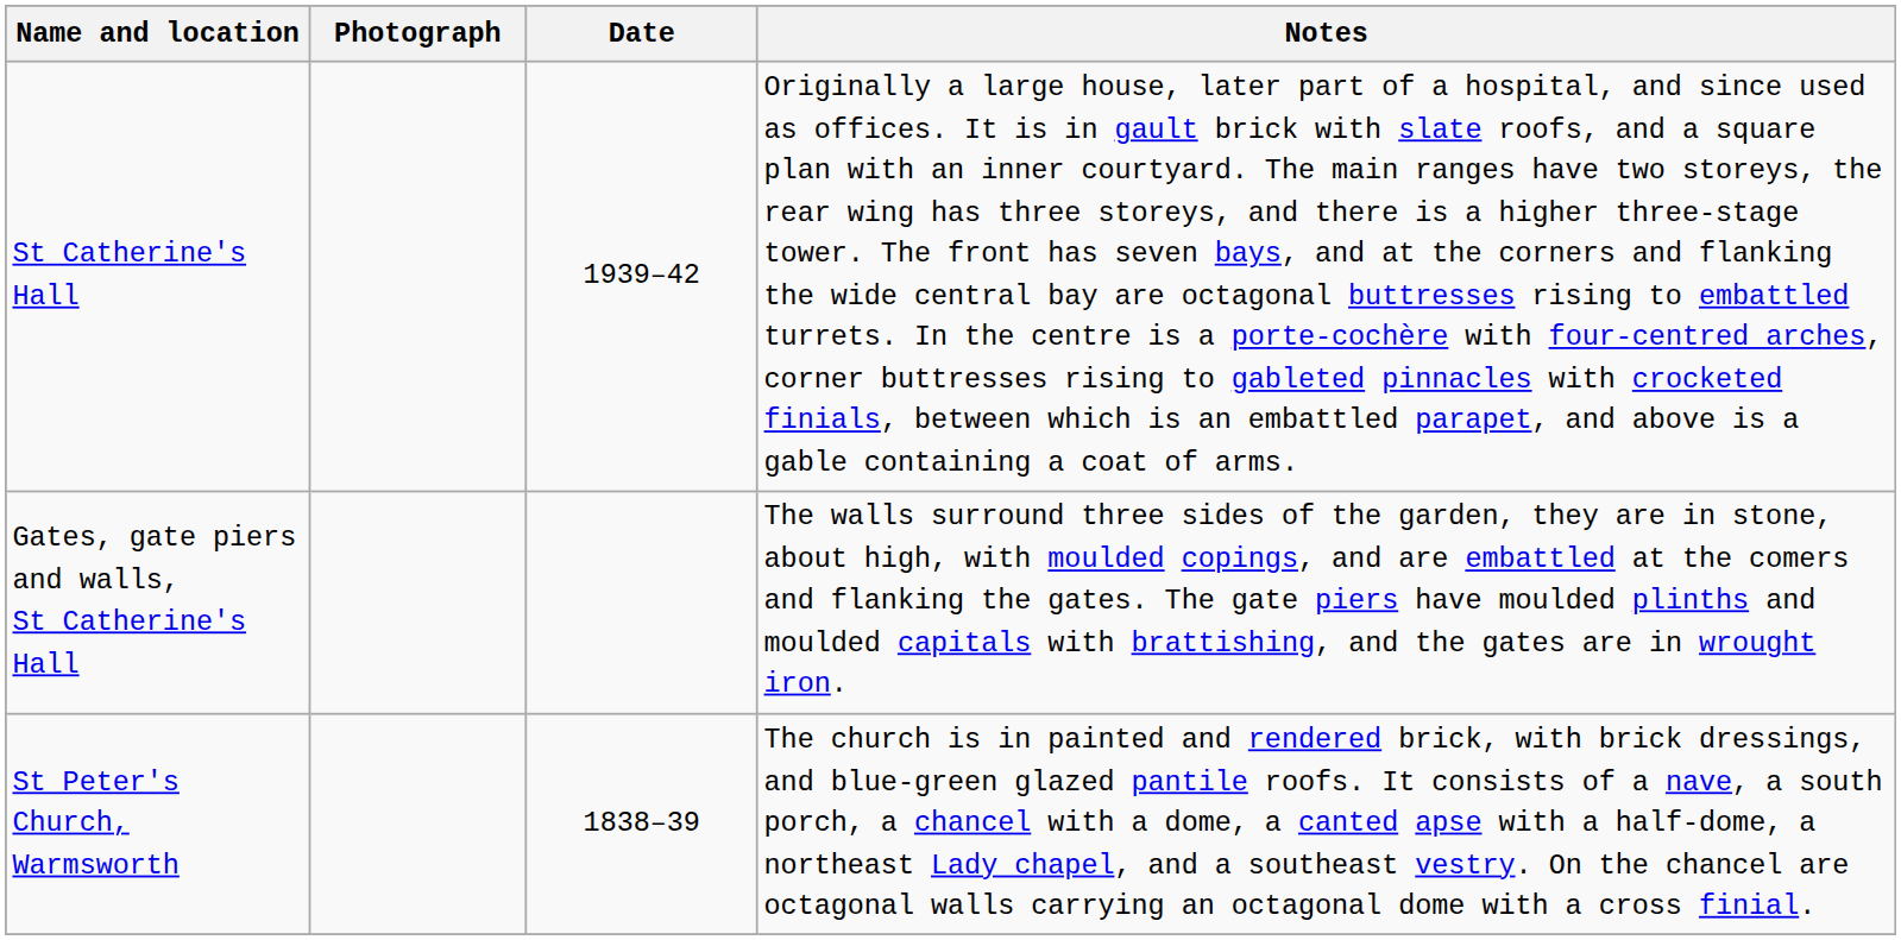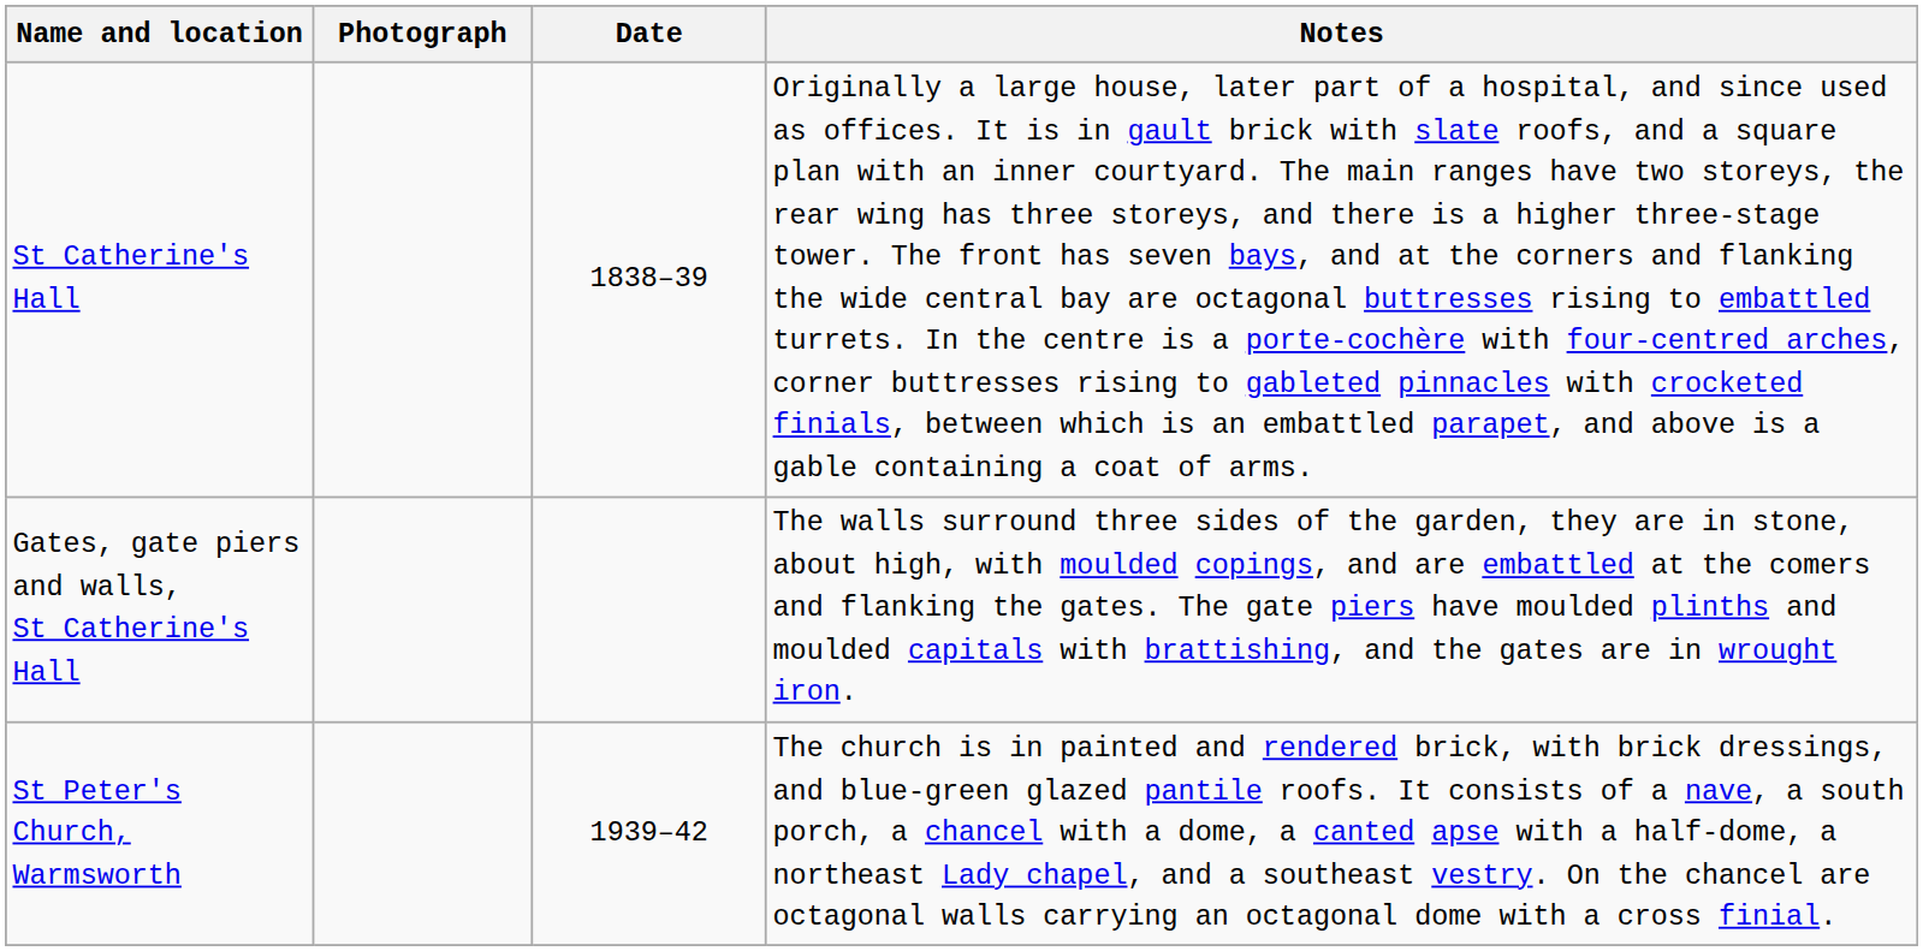 <table class="wikitable sortable plainrowheaders" style="width:100%;border:0px;text-align:left;line-height:150%;">
 <tr>
 <th scope="col"  style="width:150px">Name and location</th>
 <th scope="col"  style="width:100px" class="unsortable">Photograph</th>
 <th scope="col"  style="width:120px">Date</th>
 <th scope="col"  style="width:650px" class="unsortable">Notes</th>
 </tr>
 <tr>
 <td><a href='#'>St Catherine's Hall</a><br><small></small></td>
 <td></td>
-<td align="center">1939–42</td>
+<td align="center">1838–39</td>
 <td>Originally a large house, later part of a hospital, and since used as offices.  It is in <a href='#'>gault</a> brick with <a href='#'>slate</a> roofs, and a square plan with an inner courtyard.  The main ranges have two storeys, the rear wing has three storeys, and there is a higher three-stage tower.  The front has seven <a href='#'>bays</a>, and at the corners and flanking the wide central bay are octagonal <a href='#'>buttresses</a> rising to <a href='#'>embattled</a> turrets.  In the centre is a <a href='#'>porte-cochère</a> with <a href='#'>four-centred arches</a>, corner buttresses rising to <a href='#'>gableted</a> <a href='#'>pinnacles</a> with <a href='#'>crocketed</a> <a href='#'>finials</a>, between which is an embattled <a href='#'>parapet</a>, and above is a gable containing a coat of arms.</td>
 </tr>
 <tr>
 <td>Gates, gate piers and walls,<br><a href='#'>St Catherine's Hall</a><br><small></small></td>
 <td></td>
 <td align="center"></td>
 <td>The walls surround three sides of the garden, they are in stone, about  high, with <a href='#'>moulded</a> <a href='#'>copings</a>, and are <a href='#'>embattled</a> at the comers and flanking the gates.  The gate <a href='#'>piers</a> have moulded <a href='#'>plinths</a> and moulded <a href='#'>capitals</a> with <a href='#'>brattishing</a>, and the gates are in <a href='#'>wrought iron</a>.</td>
 </tr>
 <tr>
 <td><a href='#'>St Peter's Church, Warmsworth</a><br><small></small></td>
 <td></td>
-<td align="center">1838–39</td>
+<td align="center">1939–42</td>
 <td>The church is in painted and <a href='#'>rendered</a> brick, with brick dressings, and blue-green glazed <a href='#'>pantile</a> roofs.  It consists of a <a href='#'>nave</a>, a south porch, a <a href='#'>chancel</a> with a dome, a <a href='#'>canted</a> <a href='#'>apse</a> with a half-dome, a northeast <a href='#'>Lady chapel</a>, and a southeast <a href='#'>vestry</a>.  On the chancel are octagonal walls carrying an octagonal dome with a cross <a href='#'>finial</a>.</td>
 </tr>
 <tr>
 </tr>
 </table>
